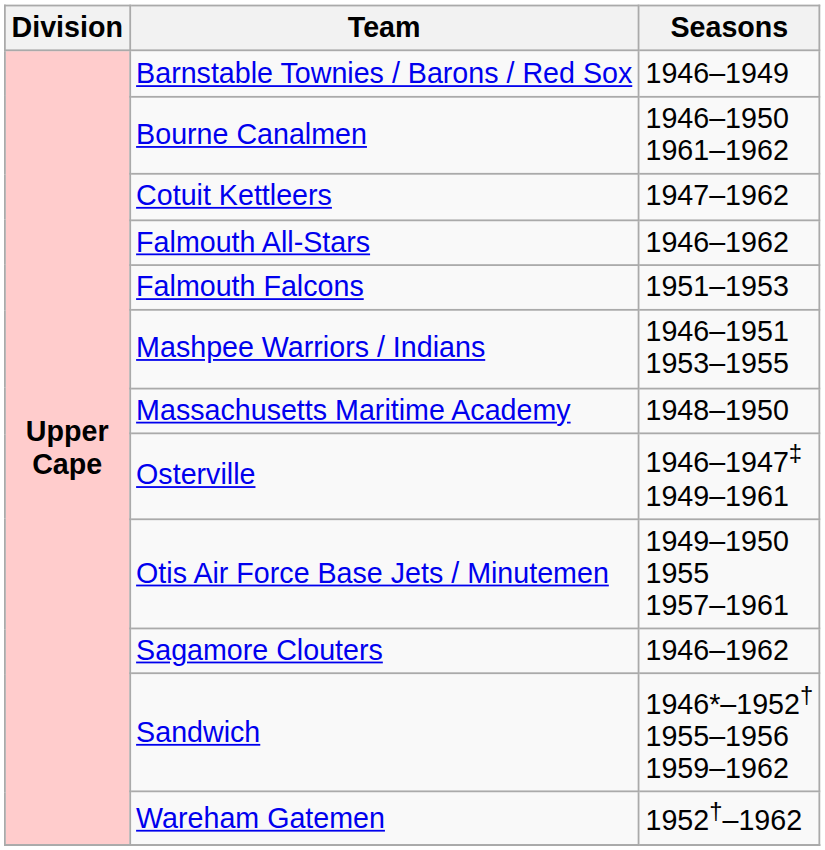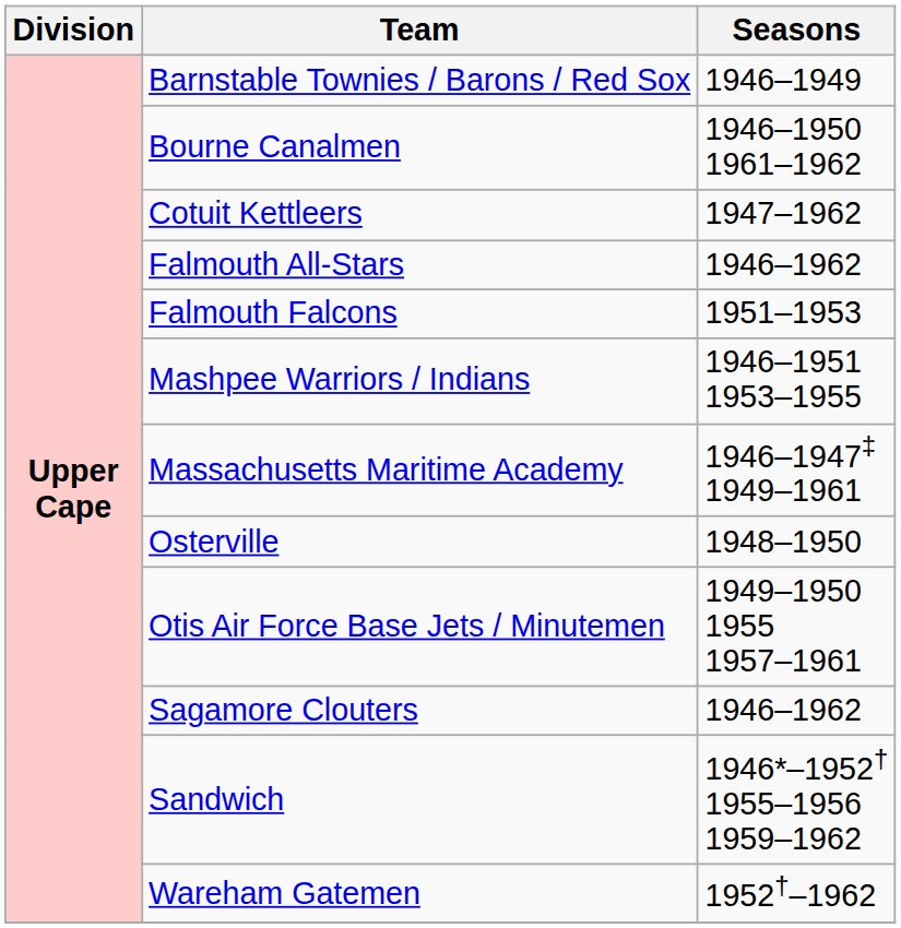 <table class="wikitable" style="display: inline-table; margin-right: 15px; text-align:left">
 <tr>
 <th>Division</th>
 <th colspan="1">Team</th>
 <th>Seasons</th>
 </tr>
 <tr>
 <th rowspan="12" style="background:#ffcccc; color:black;">Upper<br>Cape</th>
 <td><a href='#'>Barnstable Townies / Barons / Red Sox</a></td>
 <td>1946–1949</td>
 </tr>
 <tr>
 <td><a href='#'>Bourne Canalmen</a></td>
 <td>1946–1950<br>1961–1962</td>
 </tr>
 <tr>
 <td><a href='#'>Cotuit Kettleers</a></td>
 <td>1947–1962</td>
 </tr>
 <tr>
 <td><a href='#'>Falmouth All-Stars</a></td>
 <td>1946–1962</td>
 </tr>
 <tr>
 <td><a href='#'>Falmouth Falcons</a></td>
 <td>1951–1953</td>
 </tr>
 <tr>
 <td><a href='#'>Mashpee Warriors / Indians</a></td>
 <td>1946–1951<br>1953–1955</td>
 </tr>
 <tr>
 <td><a href='#'>Massachusetts Maritime Academy</a></td>
-<td>1948–1950</td>
+<td>1946–1947<sup>‡</sup><br>1949–1961</td>
 </tr>
 <tr>
 <td><a href='#'>Osterville</a></td>
-<td>1946–1947<sup>‡</sup><br>1949–1961</td>
+<td>1948–1950</td>
 </tr>
 <tr>
 <td><a href='#'>Otis Air Force Base Jets / Minutemen</a></td>
 <td>1949–1950<br>1955<br>1957–1961</td>
 </tr>
 <tr>
 <td><a href='#'>Sagamore Clouters</a></td>
 <td>1946–1962</td>
 </tr>
 <tr>
 <td><a href='#'>Sandwich</a></td>
 <td>1946*–1952<sup>†</sup><br>1955–1956<br>1959–1962</td>
 </tr>
 <tr>
 <td><a href='#'>Wareham Gatemen</a></td>
 <td>1952<sup>†</sup>–1962</td>
 </tr>
 <tr>
 </tr>
 </table>
